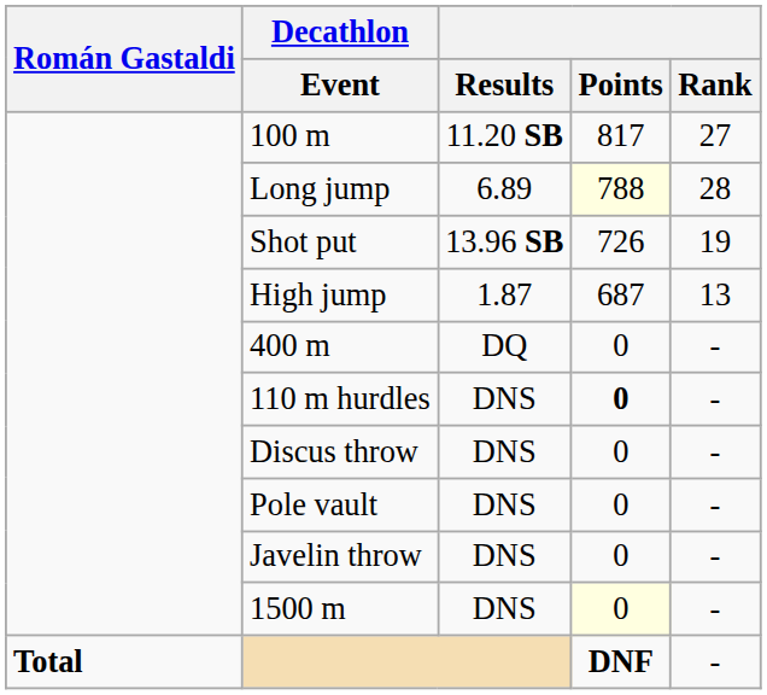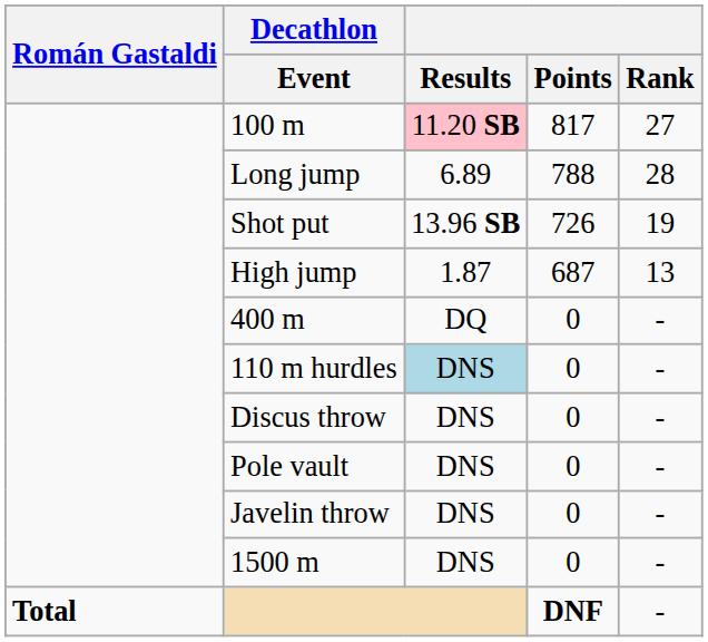 <table class=wikitable style="font-size:90%;">
 <tr>
 <th rowspan="2"><strong><a href='#'>Román Gastaldi</a></strong></th>
 <th><a href='#'>Decathlon</a></th>
 <th colspan="3"></th>
 </tr>
 <tr>
 <th>Event</th>
 <th>Results</th>
 <th>Points</th>
 <th>Rank</th>
 </tr>
 <tr>
 <td rowspan="10"></td>
 <td>100 m</td>
-<td align=center>11.20 <strong>SB</strong></td>
+<td align=center style="background: pink;">11.20 <strong>SB</strong></td>
 <td align=center>817</td>
 <td align=center>27</td>
 </tr>
 <tr>
 <td>Long jump</td>
 <td align=center>6.89</td>
-<td align=center style="background: lightyellow;">788</td>
+<td align=center>788</td>
 <td align=center>28</td>
 </tr>
 <tr>
 <td>Shot put</td>
 <td align=center>13.96 <strong>SB</strong></td>
 <td align=center>726</td>
 <td align=center>19</td>
 </tr>
 <tr>
 <td>High jump</td>
 <td align=center>1.87</td>
 <td align=center>687</td>
 <td align=center>13</td>
 </tr>
 <tr>
 <td>400 m</td>
 <td align=center>DQ</td>
 <td align=center>0</td>
 <td align=center>-</td>
 </tr>
 <tr>
 <td>110 m hurdles</td>
-<td align=center>DNS</td>
-<td align=center><strong>0</strong></td>
+<td align=center style="background: lightblue;">DNS</td>
+<td align=center>0</td>
 <td align=center>-</td>
 </tr>
 <tr>
 <td>Discus throw</td>
 <td align=center>DNS</td>
 <td align=center>0</td>
 <td align=center>-</td>
 </tr>
 <tr>
 <td>Pole vault</td>
 <td align=center>DNS</td>
 <td align=center>0</td>
 <td align=center>-</td>
 </tr>
 <tr>
 <td>Javelin throw</td>
 <td align=center>DNS</td>
 <td align=center>0</td>
 <td align=center>-</td>
 </tr>
 <tr>
 <td>1500 m</td>
 <td align=center>DNS</td>
-<td align=center style="background: lightyellow;">0</td>
+<td align=center>0</td>
 <td align=center>-</td>
 </tr>
 <tr>
 <td><strong>Total</strong></td>
 <td colspan="2" style="background:wheat;"></td>
 <td align=center><strong>DNF</strong></td>
 <td align=center>-</td>
 </tr>
 </table>
